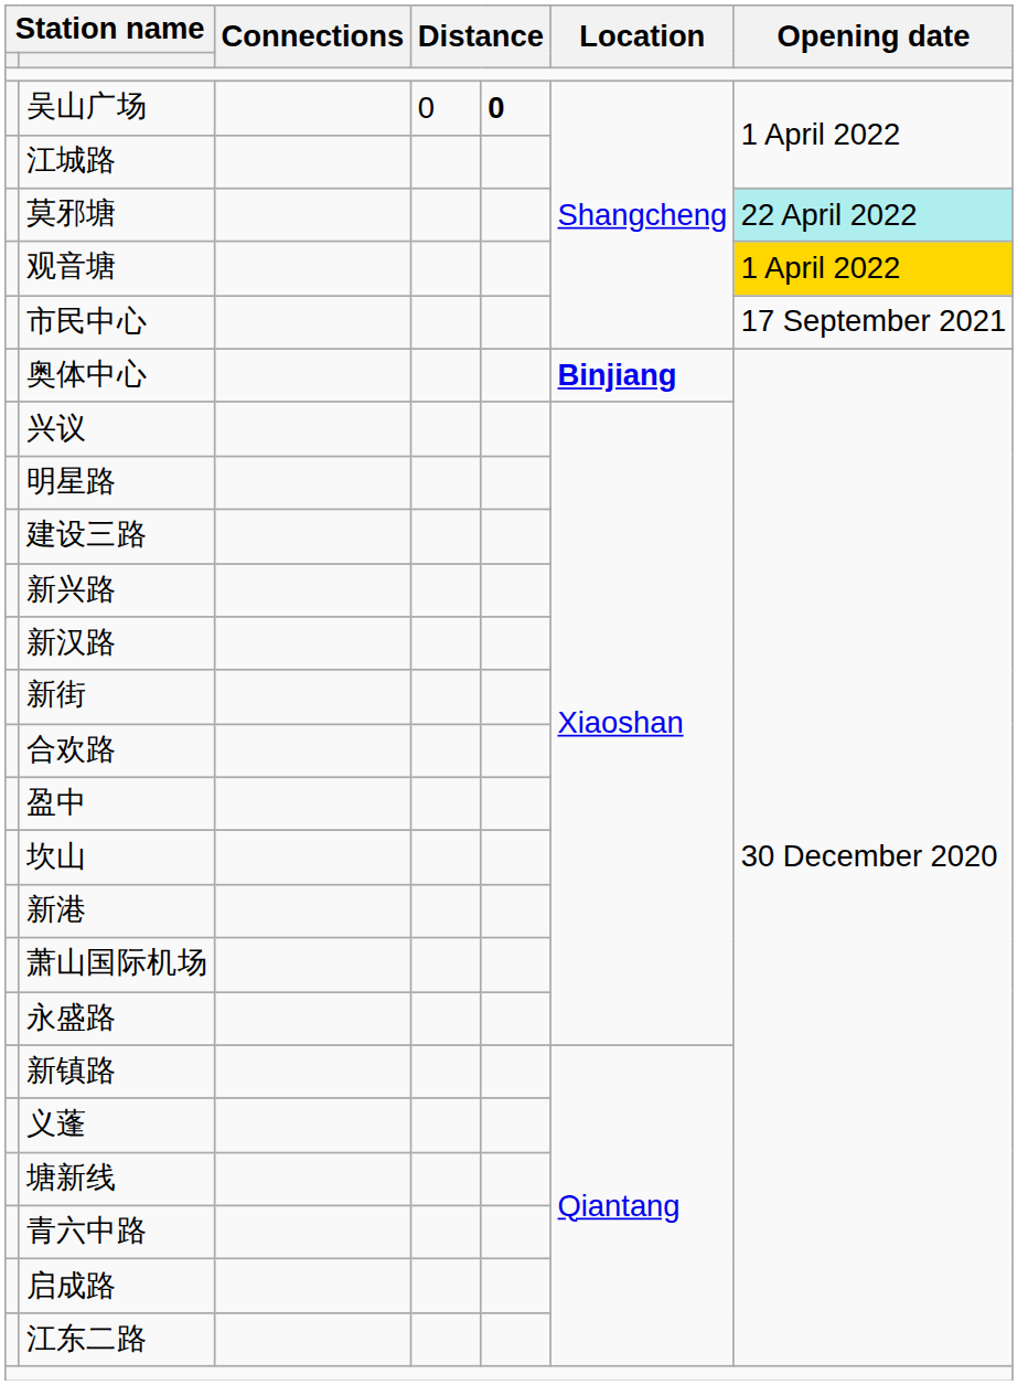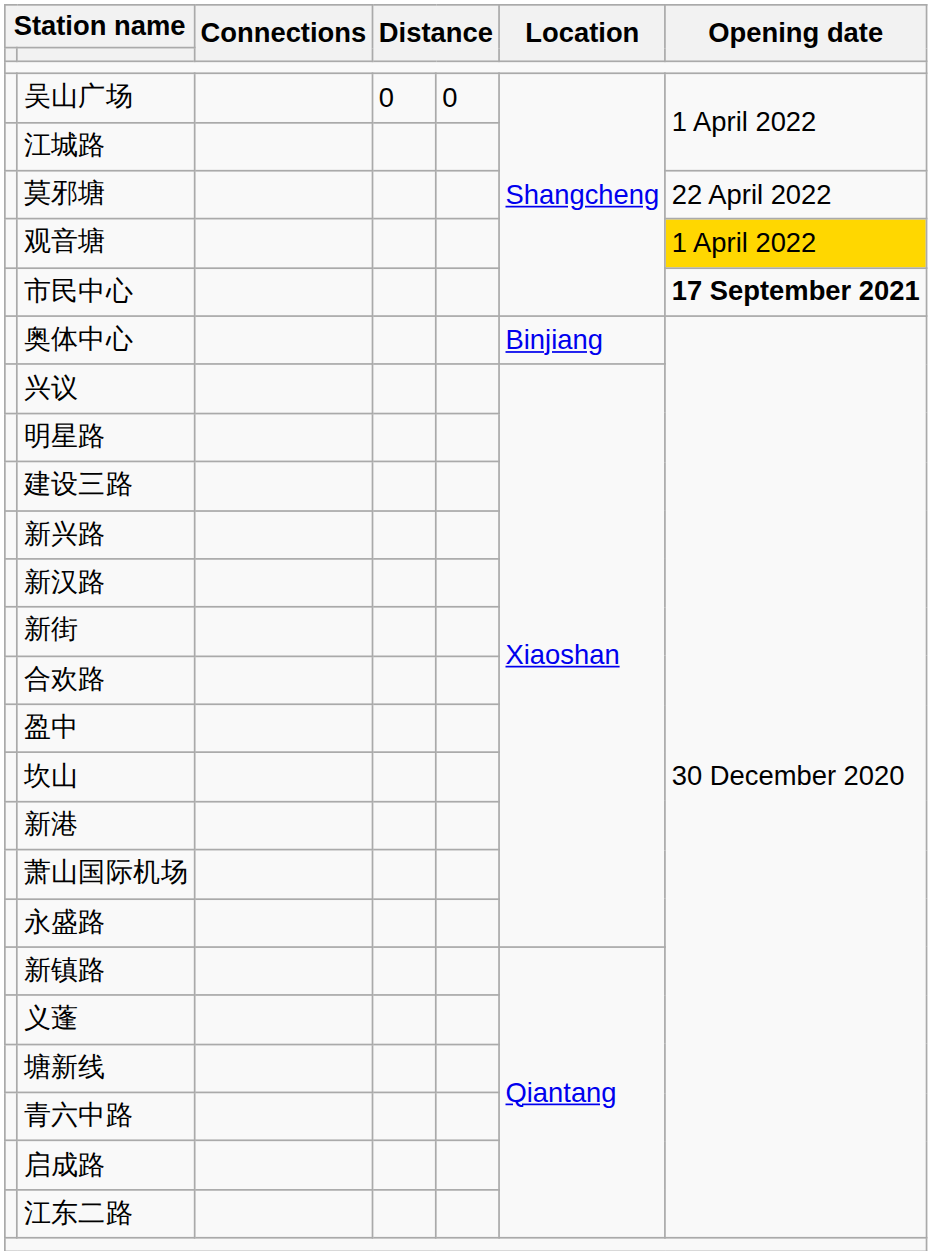 <table class="wikitable">
 <tr>
 <th colspan="2">Station name</th>
 <th rowspan="2">Connections</th>
 <th colspan="2" rowspan="2">Distance<br></th>
 <th rowspan="2">Location</th>
 <th rowspan="2">Opening date</th>
 </tr>
 <tr>
 <th></th>
 <th></th>
 </tr>
 <tr style="background:#">
 <td colspan="7"></td>
 </tr>
 <tr>
 <td></td>
 <td><span>吴山广场</span></td>
 <td></td>
 <td>0</td>
-<td><strong>0</strong></td>
+<td>0</td>
 <td rowspan="5"><a href='#'>Shangcheng</a></td>
 <td rowspan="2">1 April 2022</td>
 </tr>
 <tr>
 <td></td>
 <td><span>江城路</span></td>
 <td></td>
 <td></td>
 <td></td>
 </tr>
 <tr>
 <td></td>
 <td><span>莫邪塘</span></td>
 <td></td>
 <td></td>
 <td></td>
-<td style="background: paleturquoise;">22 April 2022</td>
+<td>22 April 2022</td>
 </tr>
 <tr>
 <td></td>
 <td><span>观音塘</span></td>
 <td></td>
 <td></td>
 <td></td>
 <td style="background: gold;">1 April 2022</td>
 </tr>
 <tr>
 <td></td>
 <td><span>市民中心</span></td>
 <td></td>
 <td></td>
 <td></td>
-<td>17 September 2021</td>
+<td><strong>17 September 2021</strong></td>
 </tr>
 <tr>
 <td></td>
 <td><span>奥体中心</span></td>
 <td></td>
 <td></td>
 <td></td>
-<td><strong><a href='#'>Binjiang</a></strong></td>
+<td><a href='#'>Binjiang</a></td>
 <td rowspan="19">30 December 2020</td>
 </tr>
 <tr>
 <td></td>
 <td><span>兴议</span></td>
 <td></td>
 <td></td>
 <td></td>
 <td rowspan="12"><a href='#'>Xiaoshan</a></td>
 </tr>
 <tr>
 <td></td>
 <td><span>明星路</span></td>
 <td></td>
 <td></td>
 <td></td>
 </tr>
 <tr>
 <td></td>
 <td><span>建设三路</span></td>
 <td></td>
 <td></td>
 <td></td>
 </tr>
 <tr>
 <td></td>
 <td><span>新兴路</span></td>
 <td></td>
 <td></td>
 <td></td>
 </tr>
 <tr>
 <td></td>
 <td><span>新汉路</span></td>
 <td></td>
 <td></td>
 <td></td>
 </tr>
 <tr>
 <td></td>
 <td><span>新街</span></td>
 <td></td>
 <td></td>
 <td></td>
 </tr>
 <tr>
 <td></td>
 <td><span>合欢路</span></td>
 <td></td>
 <td></td>
 <td></td>
 </tr>
 <tr>
 <td></td>
 <td><span>盈中</span></td>
 <td></td>
 <td></td>
 <td></td>
 </tr>
 <tr>
 <td></td>
 <td><span>坎山</span></td>
 <td></td>
 <td></td>
 <td></td>
 </tr>
 <tr>
 <td></td>
 <td><span>新港</span></td>
 <td></td>
 <td></td>
 <td></td>
 </tr>
 <tr>
 <td></td>
 <td><span>萧山国际机场</span></td>
 <td>  </td>
 <td></td>
 <td></td>
 </tr>
 <tr>
 <td></td>
 <td><span>永盛路</span></td>
 <td></td>
 <td></td>
 <td></td>
 </tr>
 <tr>
 <td></td>
 <td><span>新镇路</span></td>
 <td></td>
 <td></td>
 <td></td>
 <td rowspan="6"><a href='#'>Qiantang</a></td>
 </tr>
 <tr>
 <td></td>
 <td><span>义蓬</span></td>
 <td></td>
 <td></td>
 <td></td>
 </tr>
 <tr>
 <td></td>
 <td><span>塘新线</span></td>
 <td></td>
 <td></td>
 <td></td>
 </tr>
 <tr>
 <td></td>
 <td><span>青六中路</span></td>
 <td></td>
 <td></td>
 <td></td>
 </tr>
 <tr>
 <td></td>
 <td><span>启成路</span></td>
 <td></td>
 <td></td>
 <td></td>
 </tr>
 <tr>
 <td></td>
 <td><span>江东二路</span></td>
 <td></td>
 <td></td>
 <td></td>
 </tr>
 <tr style="background:#">
 <td colspan="7"></td>
 </tr>
 </table>
